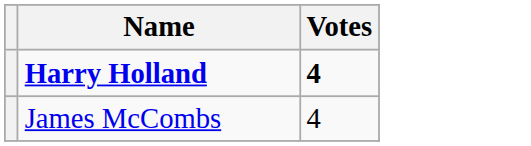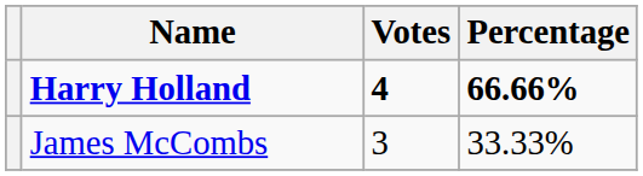 <table class="wikitable">
 <tr>
 <th></th>
 <th>Name</th>
 <th>Votes</th>
+<th>Percentage</th>
 </tr>
 <tr>
 <th style="background-color: "></th>
 <td width="150"><strong><a href='#'>Harry Holland</a></strong></td>
 <td><strong>4</strong></td>
+<td><strong>66.66%</strong></td>
 </tr>
 <tr>
 <th style="background-color: "></th>
 <td><a href='#'>James McCombs</a></td>
-<td>4</td>
+<td>3</td>
+<td>33.33%</td>
 </tr>
 </table>
